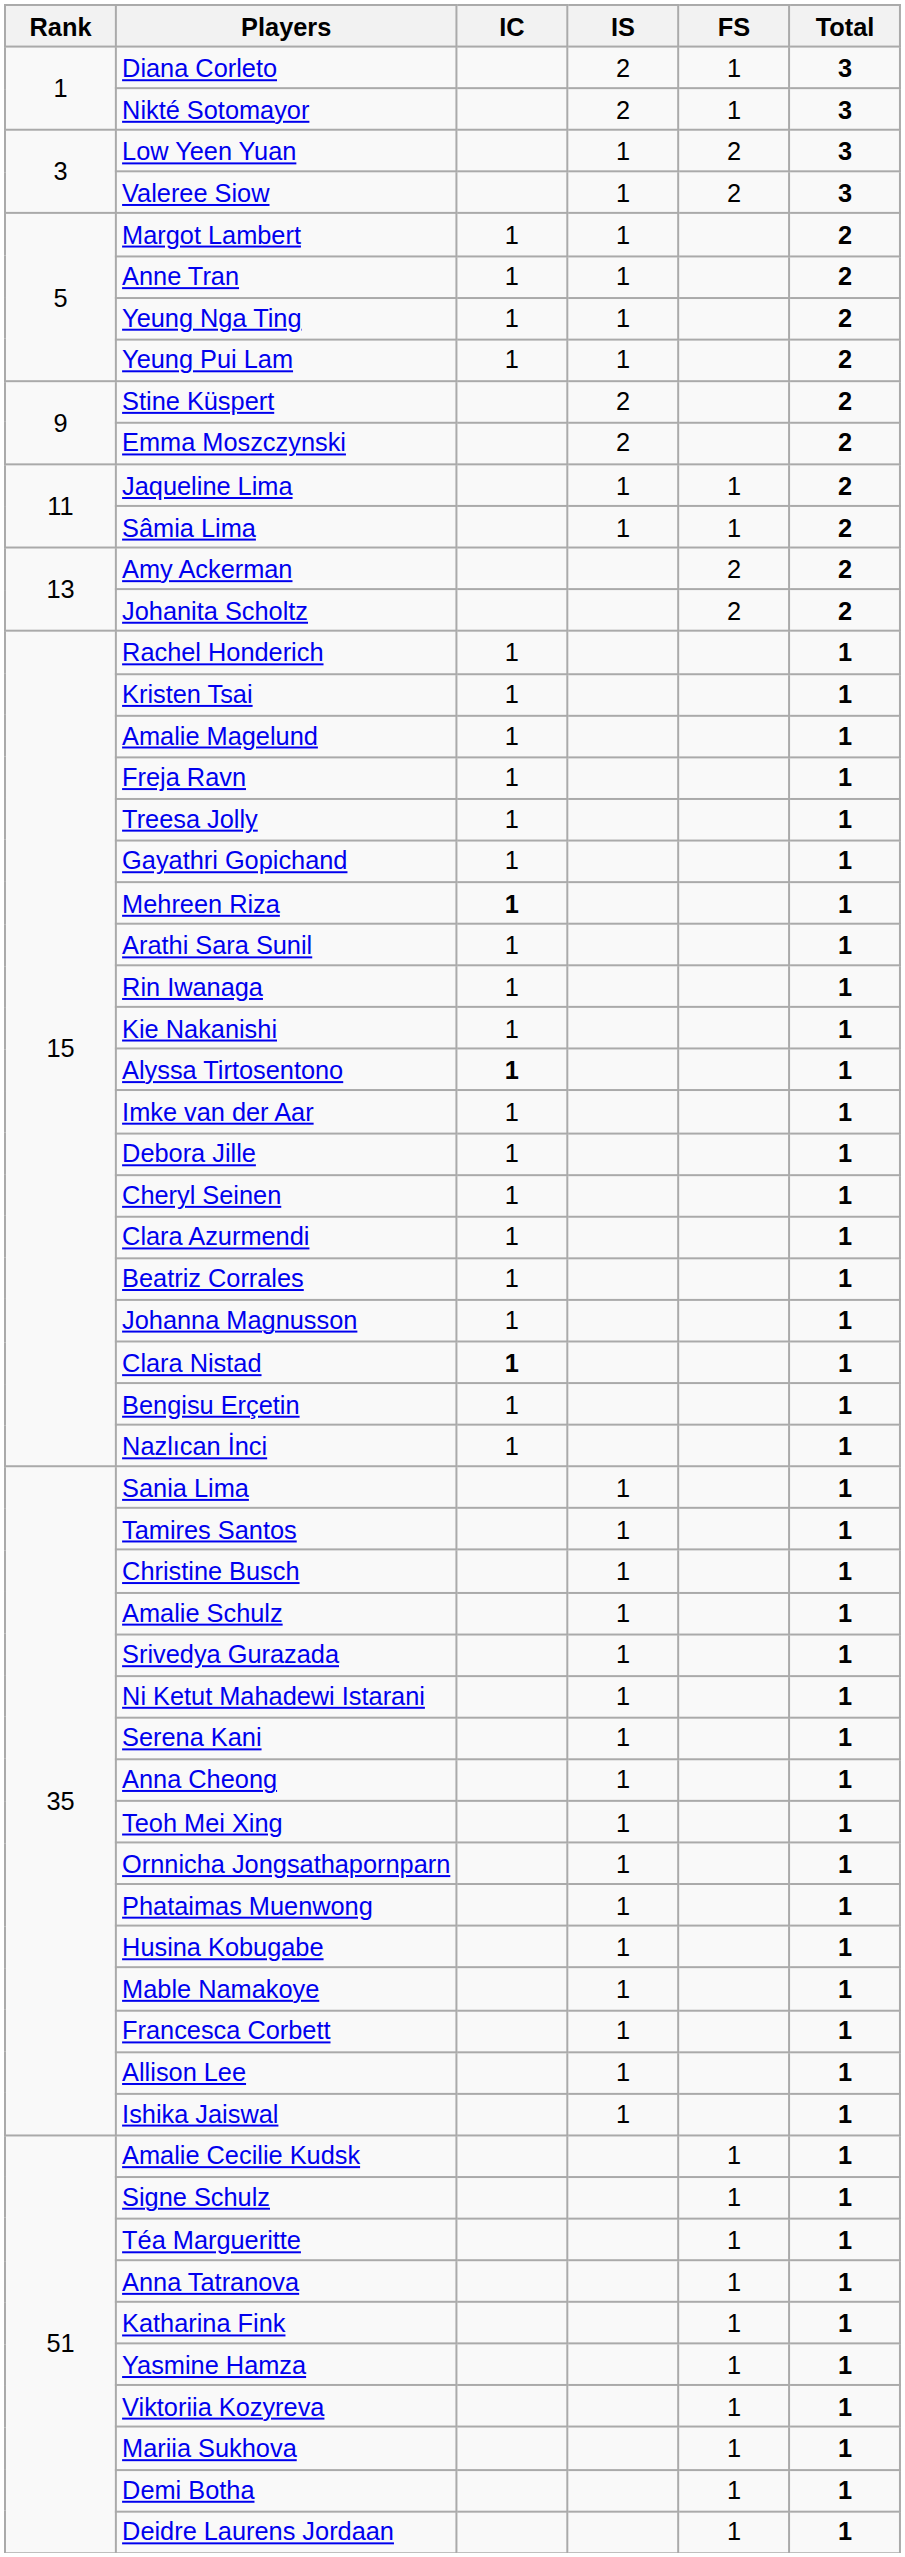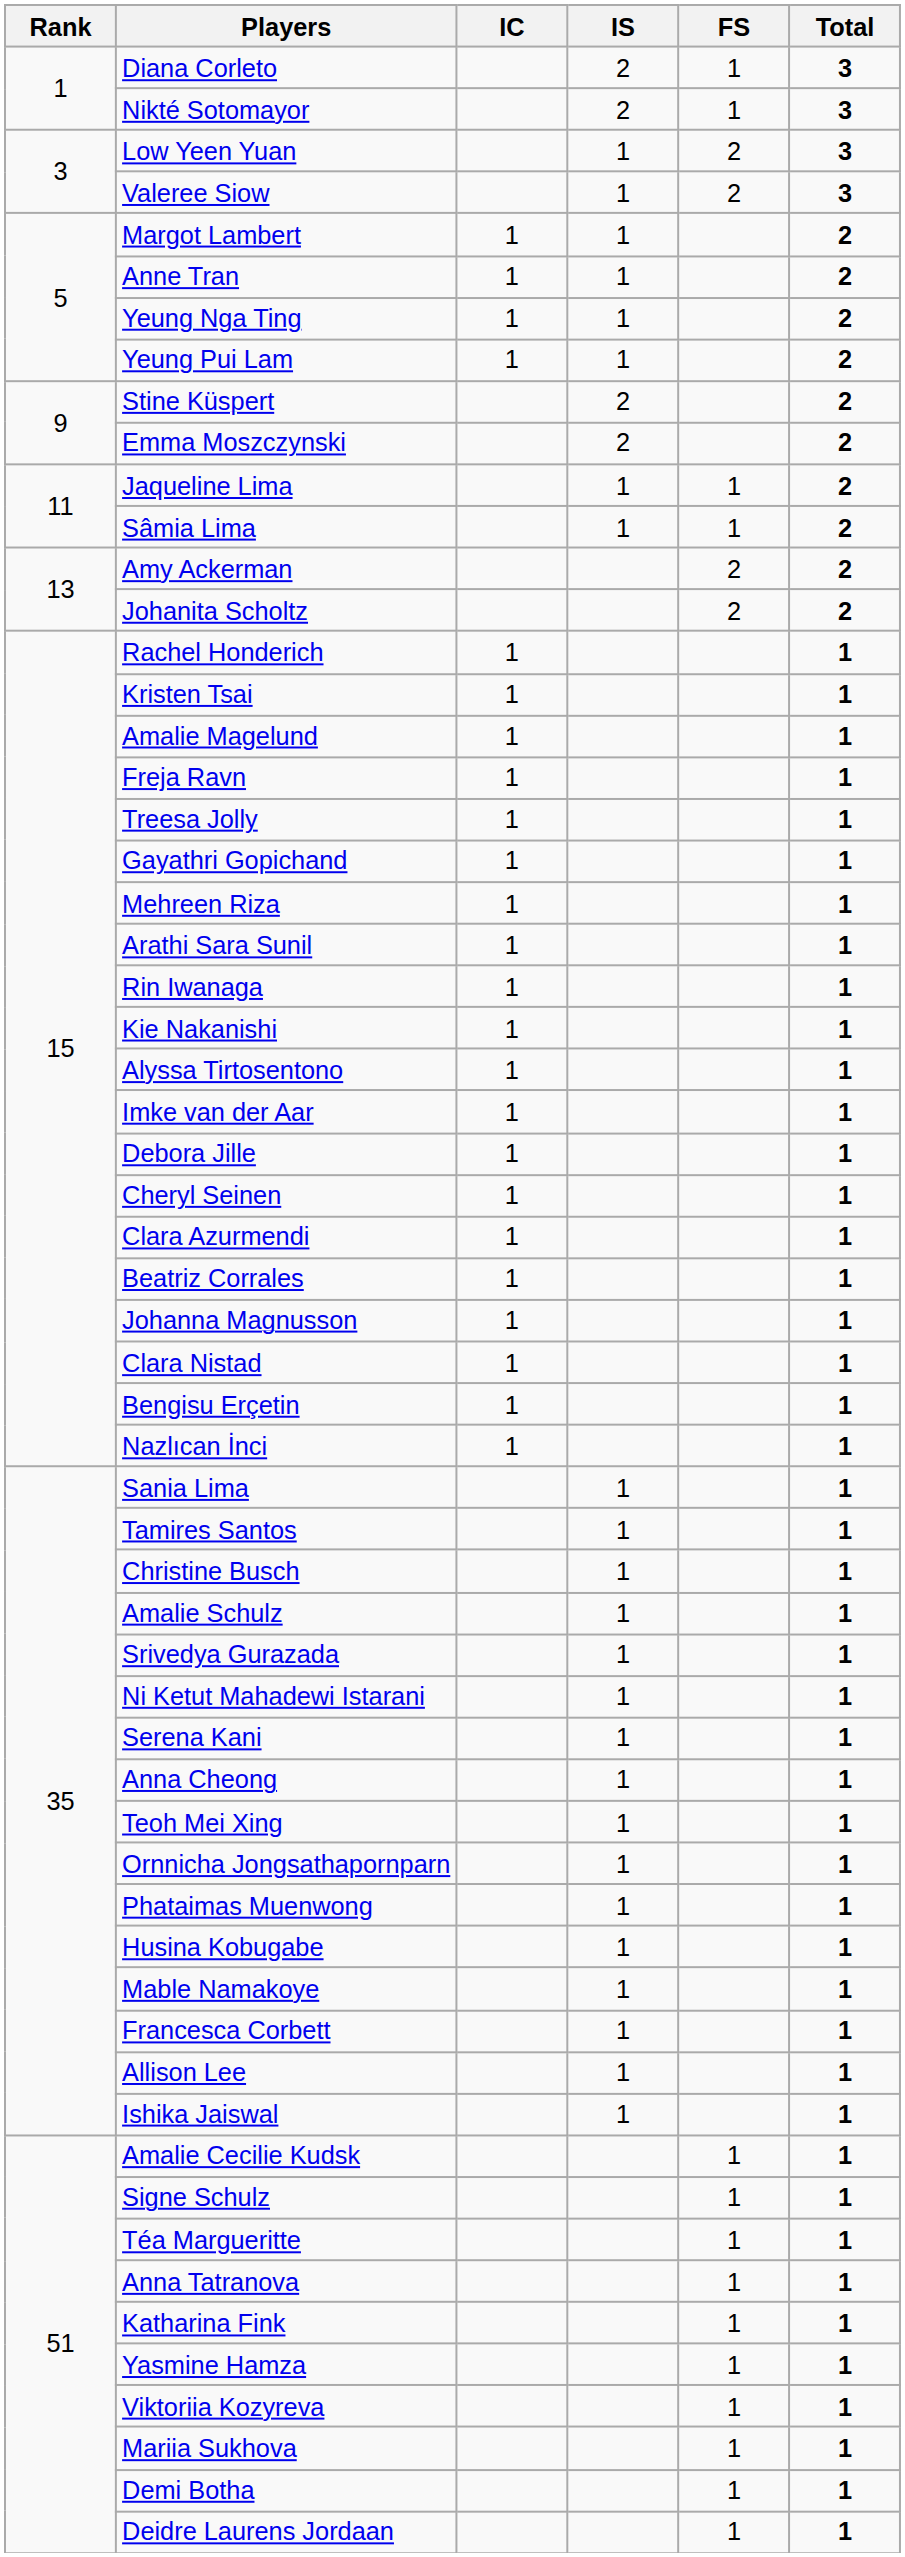 <table class="wikitable" style="font-size:80%; text-align:center">
 <tr>
 <th width="50">Rank</th>
 <th width="150">Players</th>
 <th width="50">IC</th>
 <th width="50">IS</th>
 <th width="50">FS</th>
 <th width="50">Total</th>
 </tr>
 <tr>
 <td rowspan="2">1</td>
 <td align="left"> <a href='#'>Diana Corleto</a></td>
 <td></td>
 <td>2</td>
 <td>1</td>
 <td><strong>3</strong></td>
 </tr>
 <tr>
 <td align="left"> <a href='#'>Nikté Sotomayor</a></td>
 <td></td>
 <td>2</td>
 <td>1</td>
 <td><strong>3</strong></td>
 </tr>
 <tr>
 <td rowspan="2">3</td>
 <td align="left"> <a href='#'>Low Yeen Yuan</a></td>
 <td></td>
 <td>1</td>
 <td>2</td>
 <td><strong>3</strong></td>
 </tr>
 <tr>
 <td align="left"> <a href='#'>Valeree Siow</a></td>
 <td></td>
 <td>1</td>
 <td>2</td>
 <td><strong>3</strong></td>
 </tr>
 <tr>
 <td rowspan="4">5</td>
 <td align="left"> <a href='#'>Margot Lambert</a></td>
 <td>1</td>
 <td>1</td>
 <td></td>
 <td><strong>2</strong></td>
 </tr>
 <tr>
 <td align="left"> <a href='#'>Anne Tran</a></td>
 <td>1</td>
 <td>1</td>
 <td></td>
 <td><strong>2</strong></td>
 </tr>
 <tr>
 <td align="left"> <a href='#'>Yeung Nga Ting</a></td>
 <td>1</td>
 <td>1</td>
 <td></td>
 <td><strong>2</strong></td>
 </tr>
 <tr>
 <td align="left"> <a href='#'>Yeung Pui Lam</a></td>
 <td>1</td>
 <td>1</td>
 <td></td>
 <td><strong>2</strong></td>
 </tr>
 <tr>
 <td rowspan="2">9</td>
 <td align="left"> <a href='#'>Stine Küspert</a></td>
 <td></td>
 <td>2</td>
 <td></td>
 <td><strong>2</strong></td>
 </tr>
 <tr>
 <td align="left"> <a href='#'>Emma Moszczynski</a></td>
 <td></td>
 <td>2</td>
 <td></td>
 <td><strong>2</strong></td>
 </tr>
 <tr>
 <td rowspan="2">11</td>
 <td align="left"> <a href='#'>Jaqueline Lima</a></td>
 <td></td>
 <td>1</td>
 <td>1</td>
 <td><strong>2</strong></td>
 </tr>
 <tr>
 <td align="left"> <a href='#'>Sâmia Lima</a></td>
 <td></td>
 <td>1</td>
 <td>1</td>
 <td><strong>2</strong></td>
 </tr>
 <tr>
 <td rowspan="2">13</td>
 <td align="left"> <a href='#'>Amy Ackerman</a></td>
 <td></td>
 <td></td>
 <td>2</td>
 <td><strong>2</strong></td>
 </tr>
 <tr>
 <td align="left"> <a href='#'>Johanita Scholtz</a></td>
 <td></td>
 <td></td>
 <td>2</td>
 <td><strong>2</strong></td>
 </tr>
 <tr>
 <td rowspan="20">15</td>
 <td align="left"> <a href='#'>Rachel Honderich</a></td>
 <td>1</td>
 <td></td>
 <td></td>
 <td><strong>1</strong></td>
 </tr>
 <tr>
 <td align="left"> <a href='#'>Kristen Tsai</a></td>
 <td>1</td>
 <td></td>
 <td></td>
 <td><strong>1</strong></td>
 </tr>
 <tr>
 <td align="left"> <a href='#'>Amalie Magelund</a></td>
 <td>1</td>
 <td></td>
 <td></td>
 <td><strong>1</strong></td>
 </tr>
 <tr>
 <td align="left"> <a href='#'>Freja Ravn</a></td>
 <td>1</td>
 <td></td>
 <td></td>
 <td><strong>1</strong></td>
 </tr>
 <tr>
 <td align="left"> <a href='#'>Treesa Jolly</a></td>
 <td>1</td>
 <td></td>
 <td></td>
 <td><strong>1</strong></td>
 </tr>
 <tr>
 <td align="left"> <a href='#'>Gayathri Gopichand</a></td>
 <td>1</td>
 <td></td>
 <td></td>
 <td><strong>1</strong></td>
 </tr>
 <tr>
 <td align="left"> <a href='#'>Mehreen Riza</a></td>
-<td><strong>1</strong></td>
+<td>1</td>
 <td></td>
 <td></td>
 <td><strong>1</strong></td>
 </tr>
 <tr>
 <td align="left"> <a href='#'>Arathi Sara Sunil</a></td>
 <td>1</td>
 <td></td>
 <td></td>
 <td><strong>1</strong></td>
 </tr>
 <tr>
 <td align="left"> <a href='#'>Rin Iwanaga</a></td>
 <td>1</td>
 <td></td>
 <td></td>
 <td><strong>1</strong></td>
 </tr>
 <tr>
 <td align="left"> <a href='#'>Kie Nakanishi</a></td>
 <td>1</td>
 <td></td>
 <td></td>
 <td><strong>1</strong></td>
 </tr>
 <tr>
 <td align="left"> <a href='#'>Alyssa Tirtosentono</a></td>
-<td><strong>1</strong></td>
+<td>1</td>
 <td></td>
 <td></td>
 <td><strong>1</strong></td>
 </tr>
 <tr>
 <td align="left"> <a href='#'>Imke van der Aar</a></td>
 <td>1</td>
 <td></td>
 <td></td>
 <td><strong>1</strong></td>
 </tr>
 <tr>
 <td align="left"> <a href='#'>Debora Jille</a></td>
 <td>1</td>
 <td></td>
 <td></td>
 <td><strong>1</strong></td>
 </tr>
 <tr>
 <td align="left"> <a href='#'>Cheryl Seinen</a></td>
 <td>1</td>
 <td></td>
 <td></td>
 <td><strong>1</strong></td>
 </tr>
 <tr>
 <td align="left"> <a href='#'>Clara Azurmendi</a></td>
 <td>1</td>
 <td></td>
 <td></td>
 <td><strong>1</strong></td>
 </tr>
 <tr>
 <td align="left"> <a href='#'>Beatriz Corrales</a></td>
 <td>1</td>
 <td></td>
 <td></td>
 <td><strong>1</strong></td>
 </tr>
 <tr>
 <td align="left"> <a href='#'>Johanna Magnusson</a></td>
 <td>1</td>
 <td></td>
 <td></td>
 <td><strong>1</strong></td>
 </tr>
 <tr>
 <td align="left"> <a href='#'>Clara Nistad</a></td>
-<td><strong>1</strong></td>
+<td>1</td>
 <td></td>
 <td></td>
 <td><strong>1</strong></td>
 </tr>
 <tr>
 <td align="left"> <a href='#'>Bengisu Erçetin</a></td>
 <td>1</td>
 <td></td>
 <td></td>
 <td><strong>1</strong></td>
 </tr>
 <tr>
 <td align="left"> <a href='#'>Nazlıcan İnci</a></td>
 <td>1</td>
 <td></td>
 <td></td>
 <td><strong>1</strong></td>
 </tr>
 <tr>
 <td rowspan="16">35</td>
 <td align="left"> <a href='#'>Sania Lima</a></td>
 <td></td>
 <td>1</td>
 <td></td>
 <td><strong>1</strong></td>
 </tr>
 <tr>
 <td align="left"> <a href='#'>Tamires Santos</a></td>
 <td></td>
 <td>1</td>
 <td></td>
 <td><strong>1</strong></td>
 </tr>
 <tr>
 <td align="left"> <a href='#'>Christine Busch</a></td>
 <td></td>
 <td>1</td>
 <td></td>
 <td><strong>1</strong></td>
 </tr>
 <tr>
 <td align="left"> <a href='#'>Amalie Schulz</a></td>
 <td></td>
 <td>1</td>
 <td></td>
 <td><strong>1</strong></td>
 </tr>
 <tr>
 <td align="left"> <a href='#'>Srivedya Gurazada</a></td>
 <td></td>
 <td>1</td>
 <td></td>
 <td><strong>1</strong></td>
 </tr>
 <tr>
 <td align="left"> <a href='#'>Ni Ketut Mahadewi Istarani</a></td>
 <td></td>
 <td>1</td>
 <td></td>
 <td><strong>1</strong></td>
 </tr>
 <tr>
 <td align="left"> <a href='#'>Serena Kani</a></td>
 <td></td>
 <td>1</td>
 <td></td>
 <td><strong>1</strong></td>
 </tr>
 <tr>
 <td align="left"> <a href='#'>Anna Cheong</a></td>
 <td></td>
 <td>1</td>
 <td></td>
 <td><strong>1</strong></td>
 </tr>
 <tr>
 <td align="left"> <a href='#'>Teoh Mei Xing</a></td>
 <td></td>
 <td>1</td>
 <td></td>
 <td><strong>1</strong></td>
 </tr>
 <tr>
 <td align="left" nowrap> <a href='#'>Ornnicha Jongsathapornparn</a></td>
 <td></td>
 <td>1</td>
 <td></td>
 <td><strong>1</strong></td>
 </tr>
 <tr>
 <td align="left"> <a href='#'>Phataimas Muenwong</a></td>
 <td></td>
 <td>1</td>
 <td></td>
 <td><strong>1</strong></td>
 </tr>
 <tr>
 <td align="left"> <a href='#'>Husina Kobugabe</a></td>
 <td></td>
 <td>1</td>
 <td></td>
 <td><strong>1</strong></td>
 </tr>
 <tr>
 <td align="left"> <a href='#'>Mable Namakoye</a></td>
 <td></td>
 <td>1</td>
 <td></td>
 <td><strong>1</strong></td>
 </tr>
 <tr>
 <td align="left"> <a href='#'>Francesca Corbett</a></td>
 <td></td>
 <td>1</td>
 <td></td>
 <td><strong>1</strong></td>
 </tr>
 <tr>
 <td align="left"> <a href='#'>Allison Lee</a></td>
 <td></td>
 <td>1</td>
 <td></td>
 <td><strong>1</strong></td>
 </tr>
 <tr>
 <td align="left"> <a href='#'>Ishika Jaiswal</a></td>
 <td></td>
 <td>1</td>
 <td></td>
 <td><strong>1</strong></td>
 </tr>
 <tr>
 <td rowspan="10">51</td>
 <td align="left"> <a href='#'>Amalie Cecilie Kudsk</a></td>
 <td></td>
 <td></td>
 <td>1</td>
 <td><strong>1</strong></td>
 </tr>
 <tr>
 <td align="left"> <a href='#'>Signe Schulz</a></td>
 <td></td>
 <td></td>
 <td>1</td>
 <td><strong>1</strong></td>
 </tr>
 <tr>
 <td align="left"> <a href='#'>Téa Margueritte</a></td>
 <td></td>
 <td></td>
 <td>1</td>
 <td><strong>1</strong></td>
 </tr>
 <tr>
 <td align="left"> <a href='#'>Anna Tatranova</a></td>
 <td></td>
 <td></td>
 <td>1</td>
 <td><strong>1</strong></td>
 </tr>
 <tr>
 <td align="left"> <a href='#'>Katharina Fink</a></td>
 <td></td>
 <td></td>
 <td>1</td>
 <td><strong>1</strong></td>
 </tr>
 <tr>
 <td align="left"> <a href='#'>Yasmine Hamza</a></td>
 <td></td>
 <td></td>
 <td>1</td>
 <td><strong>1</strong></td>
 </tr>
 <tr>
 <td align="left"> <a href='#'>Viktoriia Kozyreva </a></td>
 <td></td>
 <td></td>
 <td>1</td>
 <td><strong>1</strong></td>
 </tr>
 <tr>
 <td align="left"> <a href='#'>Mariia Sukhova</a></td>
 <td></td>
 <td></td>
 <td>1</td>
 <td><strong>1</strong></td>
 </tr>
 <tr>
 <td align="left"> <a href='#'>Demi Botha</a></td>
 <td></td>
 <td></td>
 <td>1</td>
 <td><strong>1</strong></td>
 </tr>
 <tr>
 <td align="left"> <a href='#'>Deidre Laurens Jordaan</a></td>
 <td></td>
 <td></td>
 <td>1</td>
 <td><strong>1</strong></td>
 </tr>
 </table>
